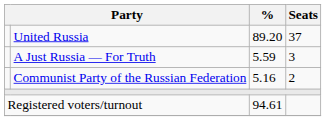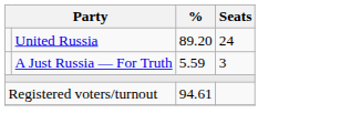 <table class="wikitable">
 <tr>
 <th colspan=2>Party</th>
 <th>%</th>
 <th>Seats</th>
 </tr>
 <tr>
 <td style="background:"></td>
 <td><a href='#'>United Russia</a></td>
 <td>89.20</td>
-<td>37</td>
+<td>24</td>
 </tr>
 <tr>
 <td style="background:"></td>
 <td><a href='#'>A Just Russia — For Truth</a></td>
 <td>5.59</td>
 <td>3</td>
-</tr>
-<tr>
-<td style="background:"></td>
-<td><a href='#'>Communist Party of the Russian Federation</a></td>
-<td>5.16</td>
-<td>2</td>
 </tr>
 <tr>
 <td colspan=4 style="background:#E9E9E9;"></td>
 </tr>
 <tr>
 <td align=left colspan=2>Registered voters/turnout</td>
 <td>94.61</td>
 <td></td>
 </tr>
 <tr>
 </tr>
 </table>
